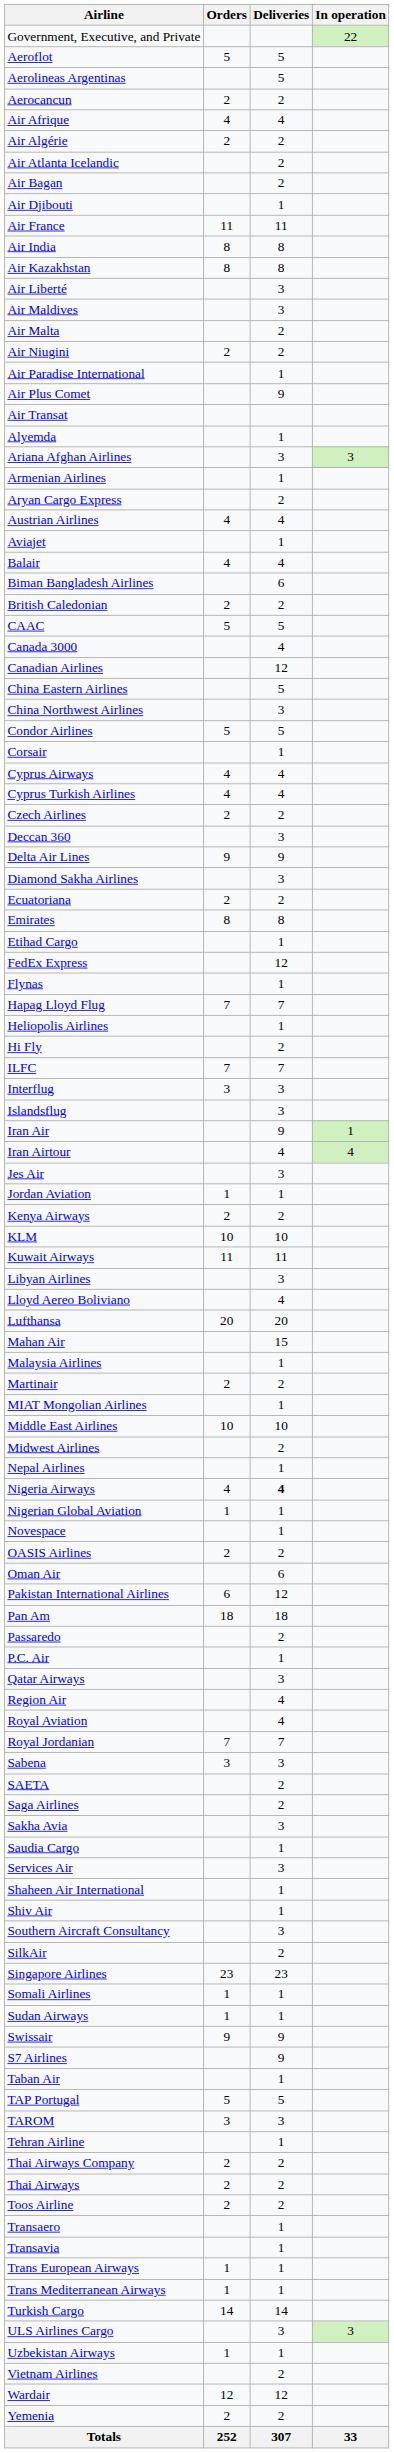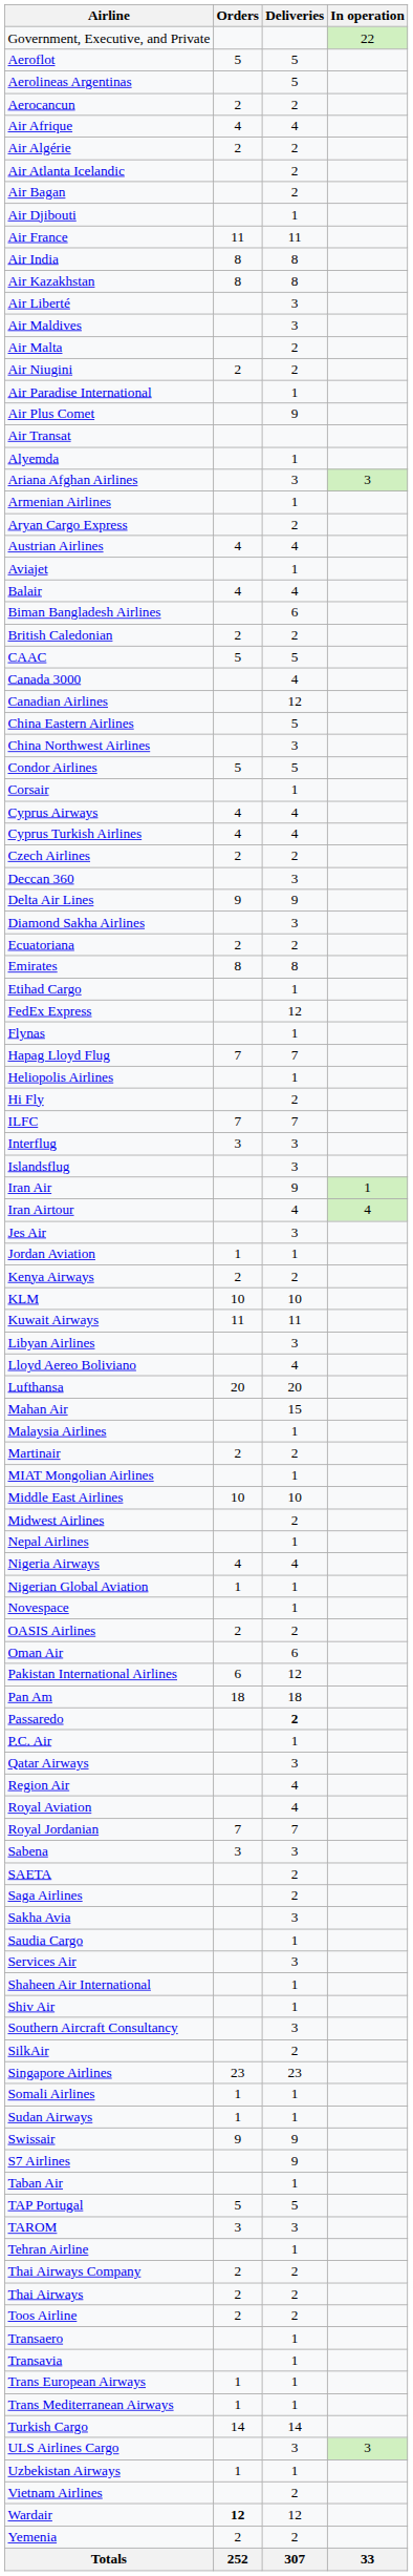 <table class="wikitable sortable sticky-header" style="text-align:center;background:#f8f9faff;">
 <tr>
 <th>Airline</th>
 <th>Orders</th>
 <th>Deliveries</th>
 <th>In operation</th>
 </tr>
 <tr>
 <td align="left">Government, Executive, and Private</td>
 <td></td>
 <td></td>
 <td style="background:#d0f0c0;">22</td>
 </tr>
 <tr>
 <td align="left"><a href='#'>Aeroflot</a></td>
 <td>5</td>
 <td>5</td>
 <td></td>
 </tr>
 <tr>
 <td align="left"><a href='#'>Aerolineas Argentinas</a></td>
 <td></td>
 <td>5</td>
 <td></td>
 </tr>
 <tr>
 <td align="left"><a href='#'>Aerocancun</a></td>
 <td>2</td>
 <td>2</td>
 <td></td>
 </tr>
 <tr>
 <td align="left"><a href='#'>Air Afrique</a></td>
 <td>4</td>
 <td>4</td>
 <td></td>
 </tr>
 <tr>
 <td align="left"><a href='#'>Air Algérie</a></td>
 <td>2</td>
 <td>2</td>
 <td></td>
 </tr>
 <tr>
 <td align="left"><a href='#'>Air Atlanta Icelandic</a></td>
 <td></td>
 <td>2</td>
 <td></td>
 </tr>
 <tr>
 <td align="left"><a href='#'>Air Bagan</a></td>
 <td></td>
 <td>2</td>
 <td></td>
 </tr>
 <tr>
 <td align="left"><a href='#'>Air Djibouti</a></td>
 <td></td>
 <td>1</td>
 <td></td>
 </tr>
 <tr>
 <td align="left"><a href='#'>Air France</a></td>
 <td>11</td>
 <td>11</td>
 <td></td>
 </tr>
 <tr>
 <td align="left"><a href='#'>Air India</a></td>
 <td>8</td>
 <td>8</td>
 <td></td>
 </tr>
 <tr>
 <td align="left"><a href='#'>Air Kazakhstan</a></td>
 <td>8</td>
 <td>8</td>
 <td></td>
 </tr>
 <tr>
 <td align="left"><a href='#'>Air Liberté</a></td>
 <td></td>
 <td>3</td>
 <td></td>
 </tr>
 <tr>
 <td align="left"><a href='#'>Air Maldives</a></td>
 <td></td>
 <td>3</td>
 <td></td>
 </tr>
 <tr>
 <td align="left"><a href='#'>Air Malta</a></td>
 <td></td>
 <td>2</td>
 <td></td>
 </tr>
 <tr>
 <td align="left"><a href='#'>Air Niugini</a></td>
 <td>2</td>
 <td>2</td>
 <td></td>
 </tr>
 <tr>
 <td align="left"><a href='#'>Air Paradise International</a></td>
 <td></td>
 <td>1</td>
 <td></td>
 </tr>
 <tr>
 <td align="left"><a href='#'>Air Plus Comet</a></td>
 <td></td>
 <td>9</td>
 <td></td>
 </tr>
 <tr>
 <td align="left"><a href='#'>Air Transat</a></td>
 <td></td>
 <td></td>
 <td></td>
 </tr>
 <tr>
 <td align="left"><a href='#'>Alyemda</a></td>
 <td></td>
 <td>1</td>
 <td></td>
 </tr>
 <tr>
 <td align="left"><a href='#'>Ariana Afghan Airlines</a></td>
 <td></td>
 <td>3</td>
 <td style="background:#d0f0c0;">3</td>
 </tr>
 <tr>
 <td align="left"><a href='#'>Armenian Airlines</a></td>
 <td></td>
 <td>1</td>
 <td></td>
 </tr>
 <tr>
 <td align="left"><a href='#'>Aryan Cargo Express</a></td>
 <td></td>
 <td>2</td>
 <td></td>
 </tr>
 <tr>
 <td align="left"><a href='#'>Austrian Airlines</a></td>
 <td>4</td>
 <td>4</td>
 <td></td>
 </tr>
 <tr>
 <td align="left"><a href='#'>Aviajet</a></td>
 <td></td>
 <td>1</td>
 <td></td>
 </tr>
 <tr>
 <td align="left"><a href='#'>Balair</a></td>
 <td>4</td>
 <td>4</td>
 <td></td>
 </tr>
 <tr>
 <td align="left"><a href='#'>Biman Bangladesh Airlines</a></td>
 <td></td>
 <td>6</td>
 <td></td>
 </tr>
 <tr>
 <td align="left"><a href='#'>British Caledonian</a></td>
 <td>2</td>
 <td>2</td>
 <td></td>
 </tr>
 <tr>
 <td align="left"><a href='#'>CAAC</a></td>
 <td>5</td>
 <td>5</td>
 <td></td>
 </tr>
 <tr>
 <td align="left"><a href='#'>Canada 3000</a></td>
 <td></td>
 <td>4</td>
 <td></td>
 </tr>
 <tr>
 <td align="left"><a href='#'>Canadian Airlines</a></td>
 <td></td>
 <td>12</td>
 <td></td>
 </tr>
 <tr>
 <td align="left"><a href='#'>China Eastern Airlines</a></td>
 <td></td>
 <td>5</td>
 <td></td>
 </tr>
 <tr>
 <td align="left"><a href='#'>China Northwest Airlines</a></td>
 <td></td>
 <td>3</td>
 <td></td>
 </tr>
 <tr>
 <td align="left"><a href='#'>Condor Airlines</a></td>
 <td>5</td>
 <td>5</td>
 <td></td>
 </tr>
 <tr>
 <td align="left"><a href='#'>Corsair</a></td>
 <td></td>
 <td>1</td>
 <td></td>
 </tr>
 <tr>
 <td align="left"><a href='#'>Cyprus Airways</a></td>
 <td>4</td>
 <td>4</td>
 <td></td>
 </tr>
 <tr>
 <td align="left"><a href='#'>Cyprus Turkish Airlines</a></td>
 <td>4</td>
 <td>4</td>
 <td></td>
 </tr>
 <tr>
 <td align="left"><a href='#'>Czech Airlines</a></td>
 <td>2</td>
 <td>2</td>
 <td></td>
 </tr>
 <tr>
 <td align="left"><a href='#'>Deccan 360</a></td>
 <td></td>
 <td>3</td>
 <td></td>
 </tr>
 <tr>
 <td align="left"><a href='#'>Delta Air Lines</a></td>
 <td>9</td>
 <td>9</td>
 <td></td>
 </tr>
 <tr>
 <td align="left"><a href='#'>Diamond Sakha Airlines</a></td>
 <td></td>
 <td>3</td>
 <td></td>
 </tr>
 <tr>
 <td align="left"><a href='#'>Ecuatoriana</a></td>
 <td>2</td>
 <td>2</td>
 <td></td>
 </tr>
 <tr>
 <td align="left"><a href='#'>Emirates</a></td>
 <td>8</td>
 <td>8</td>
 <td></td>
 </tr>
 <tr>
 <td align="left"><a href='#'>Etihad Cargo</a></td>
 <td></td>
 <td>1</td>
 <td></td>
 </tr>
 <tr>
 <td align="left"><a href='#'>FedEx Express</a></td>
 <td></td>
 <td>12</td>
 <td></td>
 </tr>
 <tr>
 <td align="left"><a href='#'>Flynas</a></td>
 <td></td>
 <td>1</td>
 <td></td>
 </tr>
 <tr>
 <td align="left"><a href='#'>Hapag Lloyd Flug</a></td>
 <td>7</td>
 <td>7</td>
 <td></td>
 </tr>
 <tr>
 <td align="left"><a href='#'>Heliopolis Airlines</a></td>
 <td></td>
 <td>1</td>
 <td></td>
 </tr>
 <tr>
 <td align="left"><a href='#'>Hi Fly</a></td>
 <td></td>
 <td>2</td>
 <td></td>
 </tr>
 <tr>
 <td align="left"><a href='#'>ILFC</a></td>
 <td>7</td>
 <td>7</td>
 <td></td>
 </tr>
 <tr>
 <td align="left"><a href='#'>Interflug</a></td>
 <td>3</td>
 <td>3</td>
 <td></td>
 </tr>
 <tr>
 <td align="left"><a href='#'>Islandsflug</a></td>
 <td></td>
 <td>3</td>
 <td></td>
 </tr>
 <tr>
 <td align="left"><a href='#'>Iran Air</a></td>
 <td></td>
 <td>9</td>
 <td style="background:#d0f0c0;">1</td>
 </tr>
 <tr>
 <td align="left"><a href='#'>Iran Airtour</a></td>
 <td></td>
 <td>4</td>
 <td style="background:#d0f0c0;">4</td>
 </tr>
 <tr>
 <td align="left"><a href='#'>Jes Air</a></td>
 <td></td>
 <td>3</td>
 <td></td>
 </tr>
 <tr>
 <td align="left"><a href='#'>Jordan Aviation</a></td>
 <td>1</td>
 <td>1</td>
 <td></td>
 </tr>
 <tr>
 <td align="left"><a href='#'>Kenya Airways</a></td>
 <td>2</td>
 <td>2</td>
 <td></td>
 </tr>
 <tr>
 <td align="left"><a href='#'>KLM</a></td>
 <td>10</td>
 <td>10</td>
 <td></td>
 </tr>
 <tr>
 <td align="left"><a href='#'>Kuwait Airways</a></td>
 <td>11</td>
 <td>11</td>
 <td></td>
 </tr>
 <tr>
 <td align="left"><a href='#'>Libyan Airlines</a></td>
 <td></td>
 <td>3</td>
 <td></td>
 </tr>
 <tr>
 <td align="left"><a href='#'>Lloyd Aereo Boliviano</a></td>
 <td></td>
 <td>4</td>
 <td></td>
 </tr>
 <tr>
 <td align="left"><a href='#'>Lufthansa</a></td>
 <td>20</td>
 <td>20</td>
 <td></td>
 </tr>
 <tr>
 <td align="left"><a href='#'>Mahan Air</a></td>
 <td></td>
 <td>15</td>
 <td></td>
 </tr>
 <tr>
 <td align="left"><a href='#'>Malaysia Airlines</a></td>
 <td></td>
 <td>1</td>
 <td></td>
 </tr>
 <tr>
 <td align="left"><a href='#'>Martinair</a></td>
 <td>2</td>
 <td>2</td>
 <td></td>
 </tr>
 <tr>
 <td align="left"><a href='#'>MIAT Mongolian Airlines</a></td>
 <td></td>
 <td>1</td>
 <td></td>
 </tr>
 <tr>
 <td align="left"><a href='#'>Middle East Airlines</a></td>
 <td>10</td>
 <td>10</td>
 <td></td>
 </tr>
 <tr>
 <td align="left"><a href='#'>Midwest Airlines</a></td>
 <td></td>
 <td>2</td>
 <td></td>
 </tr>
 <tr>
 <td align="left"><a href='#'>Nepal Airlines</a></td>
 <td></td>
 <td>1</td>
 <td></td>
 </tr>
 <tr>
 <td align="left"><a href='#'>Nigeria Airways</a></td>
 <td>4</td>
-<td><strong>4</strong></td>
+<td>4</td>
 <td></td>
 </tr>
 <tr>
 <td align="left"><a href='#'>Nigerian Global Aviation</a></td>
 <td>1</td>
 <td>1</td>
 <td></td>
 </tr>
 <tr>
 <td align="left"><a href='#'>Novespace</a></td>
 <td></td>
 <td>1</td>
 <td></td>
 </tr>
 <tr>
 <td align="left"><a href='#'>OASIS Airlines</a></td>
 <td>2</td>
 <td>2</td>
 <td></td>
 </tr>
 <tr>
 <td align="left"><a href='#'>Oman Air</a></td>
 <td></td>
 <td>6</td>
 <td></td>
 </tr>
 <tr>
 <td align="left"><a href='#'>Pakistan International Airlines</a></td>
 <td>6</td>
 <td>12</td>
 <td></td>
 </tr>
 <tr>
 <td align="left"><a href='#'>Pan Am</a></td>
 <td>18</td>
 <td>18</td>
 <td></td>
 </tr>
 <tr>
 <td align="left"><a href='#'>Passaredo</a></td>
 <td></td>
-<td>2</td>
+<td><strong>2</strong></td>
 <td></td>
 </tr>
 <tr>
 <td align="left"><a href='#'>P.C. Air</a></td>
 <td></td>
 <td>1</td>
 <td></td>
 </tr>
 <tr>
 <td align="left"><a href='#'>Qatar Airways</a></td>
 <td></td>
 <td>3</td>
 <td></td>
 </tr>
 <tr>
 <td align="left"><a href='#'>Region Air</a></td>
 <td></td>
 <td>4</td>
 <td></td>
 </tr>
 <tr>
 <td align="left"><a href='#'>Royal Aviation</a></td>
 <td></td>
 <td>4</td>
 <td></td>
 </tr>
 <tr>
 <td align="left"><a href='#'>Royal Jordanian</a></td>
 <td>7</td>
 <td>7</td>
 <td></td>
 </tr>
 <tr>
 <td align="left"><a href='#'>Sabena</a></td>
 <td>3</td>
 <td>3</td>
 <td></td>
 </tr>
 <tr>
 <td align="left"><a href='#'>SAETA</a></td>
 <td></td>
 <td>2</td>
 <td></td>
 </tr>
 <tr>
 <td align="left"><a href='#'>Saga Airlines</a></td>
 <td></td>
 <td>2</td>
 <td></td>
 </tr>
 <tr>
 <td align="left"><a href='#'>Sakha Avia</a></td>
 <td></td>
 <td>3</td>
 <td></td>
 </tr>
 <tr>
 <td align="left"><a href='#'>Saudia Cargo</a></td>
 <td></td>
 <td>1</td>
 <td></td>
 </tr>
 <tr>
 <td align="left"><a href='#'>Services Air</a></td>
 <td></td>
 <td>3</td>
 <td></td>
 </tr>
 <tr>
 <td align="left"><a href='#'>Shaheen Air International</a></td>
 <td></td>
 <td>1</td>
 <td></td>
 </tr>
 <tr>
 <td align="left"><a href='#'>Shiv Air</a></td>
 <td></td>
 <td>1</td>
 <td></td>
 </tr>
 <tr>
 <td align="left"><a href='#'>Southern Aircraft Consultancy</a></td>
 <td></td>
 <td>3</td>
 <td></td>
 </tr>
 <tr>
 <td align="left"><a href='#'>SilkAir</a></td>
 <td></td>
 <td>2</td>
 <td></td>
 </tr>
 <tr>
 <td align="left"><a href='#'>Singapore Airlines</a></td>
 <td>23</td>
 <td>23</td>
 <td></td>
 </tr>
 <tr>
 <td align="left"><a href='#'>Somali Airlines</a></td>
 <td>1</td>
 <td>1</td>
 <td></td>
 </tr>
 <tr>
 <td align="left"><a href='#'>Sudan Airways</a></td>
 <td>1</td>
 <td>1</td>
 <td></td>
 </tr>
 <tr>
 <td align="left"><a href='#'>Swissair</a></td>
 <td>9</td>
 <td>9</td>
 <td></td>
 </tr>
 <tr>
 <td align="left"><a href='#'>S7 Airlines</a></td>
 <td></td>
 <td>9</td>
 <td></td>
 </tr>
 <tr>
 <td align="left"><a href='#'>Taban Air</a></td>
 <td></td>
 <td>1</td>
 <td></td>
 </tr>
 <tr>
 <td align="left"><a href='#'>TAP Portugal</a></td>
 <td>5</td>
 <td>5</td>
 <td></td>
 </tr>
 <tr>
 <td align="left"><a href='#'>TAROM</a></td>
 <td>3</td>
 <td>3</td>
 <td></td>
 </tr>
 <tr>
 <td align="left"><a href='#'>Tehran Airline</a></td>
 <td></td>
 <td>1</td>
 <td></td>
 </tr>
 <tr>
 <td align="left"><a href='#'>Thai Airways Company</a></td>
 <td>2</td>
 <td>2</td>
 <td></td>
 </tr>
 <tr>
 <td align="left"><a href='#'>Thai Airways</a></td>
 <td>2</td>
 <td>2</td>
 <td></td>
 </tr>
 <tr>
 <td align="left"><a href='#'>Toos Airline</a></td>
 <td>2</td>
 <td>2</td>
 <td></td>
 </tr>
 <tr>
 <td align="left"><a href='#'>Transaero</a></td>
 <td></td>
 <td>1</td>
 <td></td>
 </tr>
 <tr>
 <td align="left"><a href='#'>Transavia</a></td>
 <td></td>
 <td>1</td>
 <td></td>
 </tr>
 <tr>
 <td align="left"><a href='#'>Trans European Airways</a></td>
 <td>1</td>
 <td>1</td>
 <td></td>
 </tr>
 <tr>
 <td align="left"><a href='#'>Trans Mediterranean Airways</a></td>
 <td>1</td>
 <td>1</td>
 <td></td>
 </tr>
 <tr>
 <td align="left"><a href='#'>Turkish Cargo</a></td>
 <td>14</td>
 <td>14</td>
 <td></td>
 </tr>
 <tr>
 <td align="left"><a href='#'>ULS Airlines Cargo</a></td>
 <td></td>
 <td>3</td>
 <td style="background:#d0f0c0;">3</td>
 </tr>
 <tr>
 <td align="left"><a href='#'>Uzbekistan Airways</a></td>
 <td>1</td>
 <td>1</td>
 <td></td>
 </tr>
 <tr>
 <td align="left"><a href='#'>Vietnam Airlines</a></td>
 <td></td>
 <td>2</td>
 <td></td>
 </tr>
 <tr>
 <td align="left"><a href='#'>Wardair</a></td>
-<td>12</td>
+<td><strong>12</strong></td>
 <td>12</td>
 <td></td>
 </tr>
 <tr>
 <td align="left"><a href='#'>Yemenia</a></td>
 <td>2</td>
 <td>2</td>
 <td></td>
 </tr>
 <tr>
 <th>Totals</th>
 <th>252</th>
 <th>307</th>
 <th>33</th>
 </tr>
 </table>
